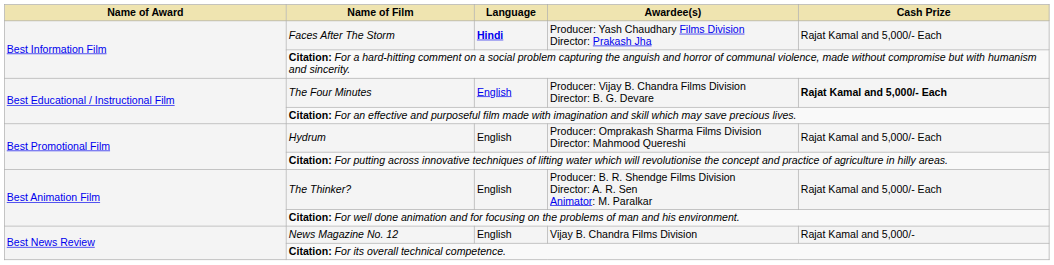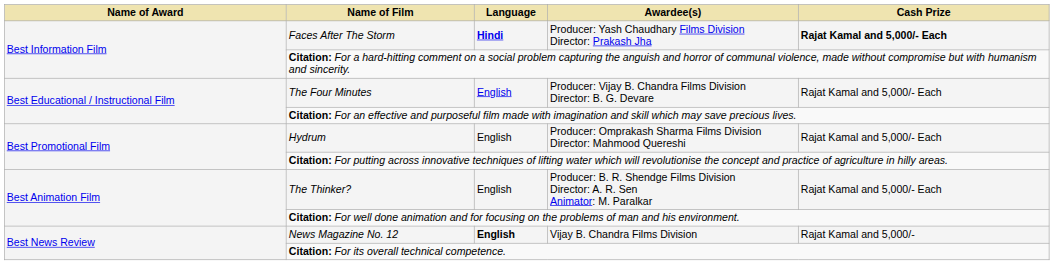 <table class="wikitable" style="width:100%;">
 <tr>
 <th style="background-color:#EFE4B0;width:27%;">Name of Award</th>
 <th style="background-color:#EFE4B0;width:18%;">Name of Film</th>
 <th style="background-color:#EFE4B0;width:7%;">Language</th>
 <th style="background-color:#EFE4B0;width:24%;">Awardee(s)</th>
 <th style="background-color:#EFE4B0;width:24%;">Cash Prize</th>
 </tr>
 <tr style="background-color:#F4F4F4">
 <td rowspan="2"><a href='#'>Best Information Film</a></td>
 <td><em>Faces After The Storm</em></td>
 <td><strong><a href='#'>Hindi</a></strong></td>
 <td>Producer: Yash Chaudhary  <a href='#'>Films Division</a><br>Director: <a href='#'>Prakash Jha</a></td>
-<td>Rajat Kamal and 5,000/- Each</td>
+<td><strong>Rajat Kamal and 5,000/- Each</strong></td>
 </tr>
 <tr style="background-color:#F9F9F9">
 <td colspan="4"><strong>Citation:</strong> <em>For a hard-hitting comment on a social problem capturing the anguish and horror of communal violence, made without compromise but with humanism and sincerity.</em></td>
 </tr>
 <tr style="background-color:#F4F4F4">
 <td rowspan="2"><a href='#'>Best Educational / Instructional Film</a></td>
 <td><em>The Four Minutes</em></td>
 <td><a href='#'>English</a></td>
 <td>Producer: Vijay B. Chandra  Films Division<br>Director: B. G. Devare</td>
-<td><strong>Rajat Kamal and 5,000/- Each</strong></td>
+<td>Rajat Kamal and 5,000/- Each</td>
 </tr>
 <tr style="background-color:#F9F9F9">
 <td colspan="4"><strong>Citation:</strong> <em>For an effective and purposeful film made with imagination and skill which may save precious lives.</em></td>
 </tr>
 <tr style="background-color:#F4F4F4">
 <td rowspan="2"><a href='#'>Best Promotional Film</a></td>
 <td><em>Hydrum</em></td>
 <td>English</td>
 <td>Producer: Omprakash Sharma  Films Division<br>Director: Mahmood Quereshi</td>
 <td>Rajat Kamal and 5,000/- Each</td>
 </tr>
 <tr style="background-color:#F9F9F9">
 <td colspan="4"><strong>Citation:</strong> <em>For putting across innovative techniques of lifting water which will revolutionise the concept and practice of agriculture in hilly areas.</em></td>
 </tr>
 <tr style="background-color:#F4F4F4">
 <td rowspan="2"><a href='#'>Best Animation Film</a></td>
 <td><em>The Thinker?</em></td>
 <td>English</td>
 <td>Producer: B. R. Shendge  Films Division<br>Director: A. R. Sen<br><a href='#'>Animator</a>: M. Paralkar</td>
 <td>Rajat Kamal and 5,000/- Each</td>
 </tr>
 <tr style="background-color:#F9F9F9">
 <td colspan="4"><strong>Citation:</strong> <em>For well done animation and for focusing on the problems of man and his environment.</em></td>
 </tr>
 <tr style="background-color:#F4F4F4">
 <td rowspan="2"><a href='#'>Best News Review</a></td>
 <td><em>News Magazine No. 12</em></td>
-<td>English</td>
+<td><strong>English</strong></td>
 <td>Vijay B. Chandra  Films Division</td>
 <td>Rajat Kamal and 5,000/-</td>
 </tr>
 <tr style="background-color:#F9F9F9">
 <td colspan="4"><strong>Citation:</strong> <em>For its overall technical competence.</em></td>
 </tr>
 </table>
